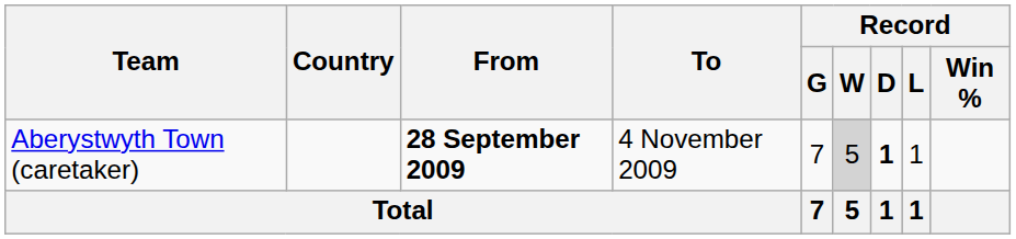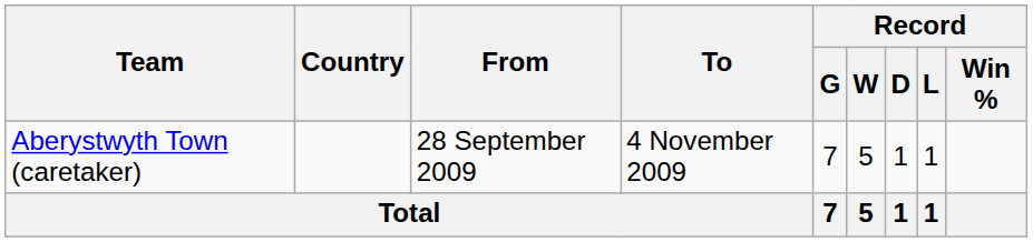 <table class="wikitable" style="text-align: center">
 <tr>
 <th rowspan="2">Team</th>
 <th rowspan="2">Country</th>
 <th rowspan="2">From</th>
 <th rowspan="2">To</th>
 <th colspan="6">Record</th>
 </tr>
 <tr>
 <th>G</th>
 <th>W</th>
 <th>D</th>
 <th>L</th>
 <th>Win %</th>
 </tr>
 <tr>
 <td align=left><a href='#'>Aberystwyth Town</a> (caretaker)</td>
 <td></td>
-<td align=left><strong>28 September 2009</strong></td>
+<td align=left>28 September 2009</td>
 <td align=left>4 November 2009</td>
 <td>7</td>
-<td style="background: lightgrey;">5</td>
-<td><strong>1</strong></td>
+<td>5</td>
+<td>1</td>
 <td>1</td>
 <td></td>
 </tr>
 <tr>
 <th colspan="4">Total</th>
 <th>7</th>
 <th>5</th>
 <th>1</th>
 <th>1</th>
 <th></th>
 </tr>
 </table>
